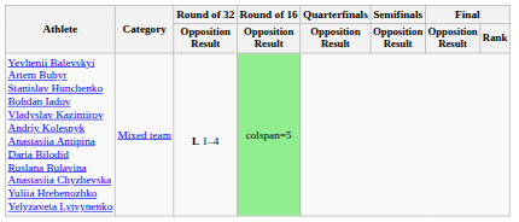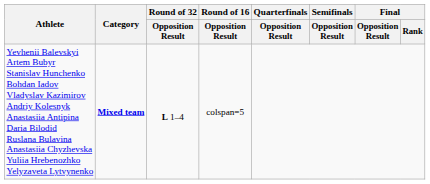 <table class="wikitable" style="text-align:center; font-size:90%">
 <tr>
 <th rowspan=2>Athlete</th>
 <th rowspan=2>Category</th>
 <th>Round of 32</th>
 <th>Round of 16</th>
 <th>Quarterfinals</th>
 <th>Semifinals</th>
 <th colspan=2>Final</th>
 </tr>
 <tr style="font-size:95%">
 <th>Opposition<br>Result</th>
 <th>Opposition<br>Result</th>
 <th>Opposition<br>Result</th>
 <th>Opposition<br>Result</th>
 <th>Opposition<br>Result</th>
 <th>Rank</th>
 </tr>
 <tr>
 <td align=left><a href='#'>Yevhenii Balevskyi</a><br><a href='#'>Artem Bubyr</a><br><a href='#'>Stanislav Hunchenko</a><br><a href='#'>Bohdan Iadov</a><br><a href='#'>Vladyslav Kazimirov</a><br><a href='#'>Andriy Kolesnyk</a><br><a href='#'>Anastasiia Antipina</a><br><a href='#'>Daria Bilodid</a><br><a href='#'>Ruslana Bulavina</a><br><a href='#'>Anastasiia Chyzhevska</a><br><a href='#'>Yuliia Hrebenozhko</a><br><a href='#'>Yelyzaveta Lytvynenko</a></td>
-<td align=left><a href='#'>Mixed team</a></td>
+<td align=left><strong><a href='#'>Mixed team</a></strong></td>
 <td><br><strong>L</strong> 1–4</td>
-<td style="background: lightgreen;">colspan=5 </td>
+<td>colspan=5 </td>
 </tr>
 </table>
